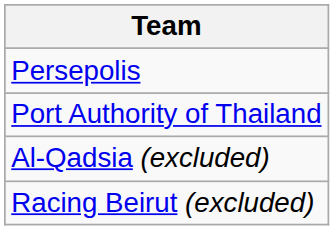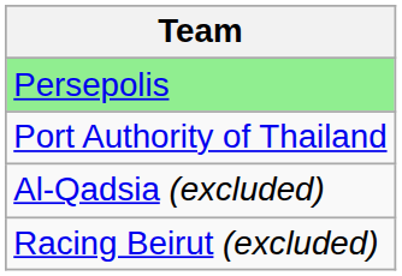 <table class="wikitable" style="text-align:left">
 <tr>
 <th>Team</th>
 </tr>
 <tr>
-<td> <a href='#'>Persepolis</a></td>
+<td style="background: lightgreen;"> <a href='#'>Persepolis</a></td>
 </tr>
 <tr>
 <td> <a href='#'>Port Authority of Thailand</a></td>
 </tr>
 <tr>
 <td> <a href='#'>Al-Qadsia</a> <em>(excluded)</em></td>
 </tr>
 <tr>
 <td> <a href='#'>Racing Beirut</a> <em>(excluded)</em></td>
 </tr>
 </table>
